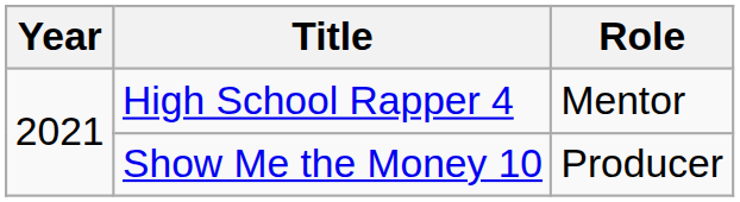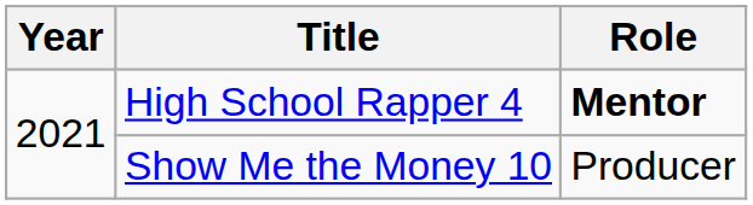 <table class="wikitable">
 <tr>
 <th>Year</th>
 <th>Title</th>
 <th>Role</th>
 </tr>
 <tr>
 <td rowspan="2">2021</td>
 <td><a href='#'>High School Rapper 4</a></td>
-<td>Mentor</td>
+<td><strong>Mentor</strong></td>
 </tr>
 <tr>
 <td><a href='#'>Show Me the Money 10</a></td>
 <td>Producer</td>
 </tr>
 </table>
